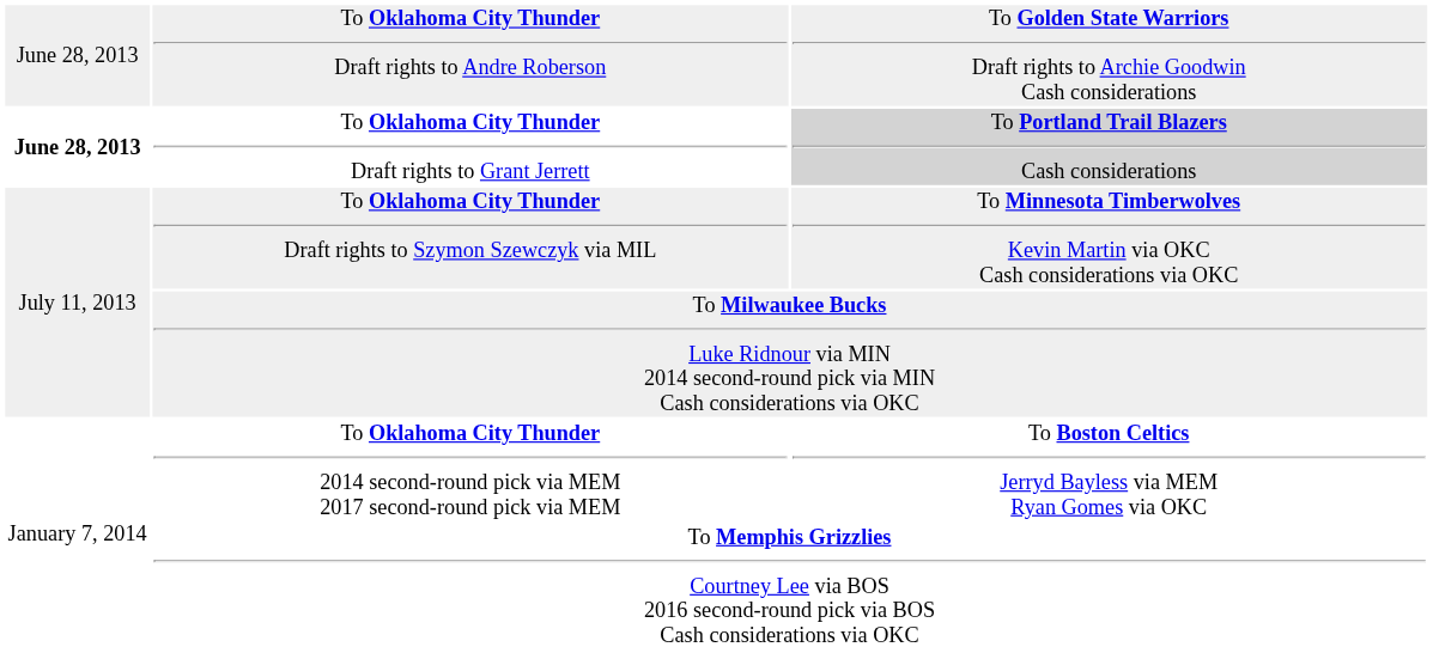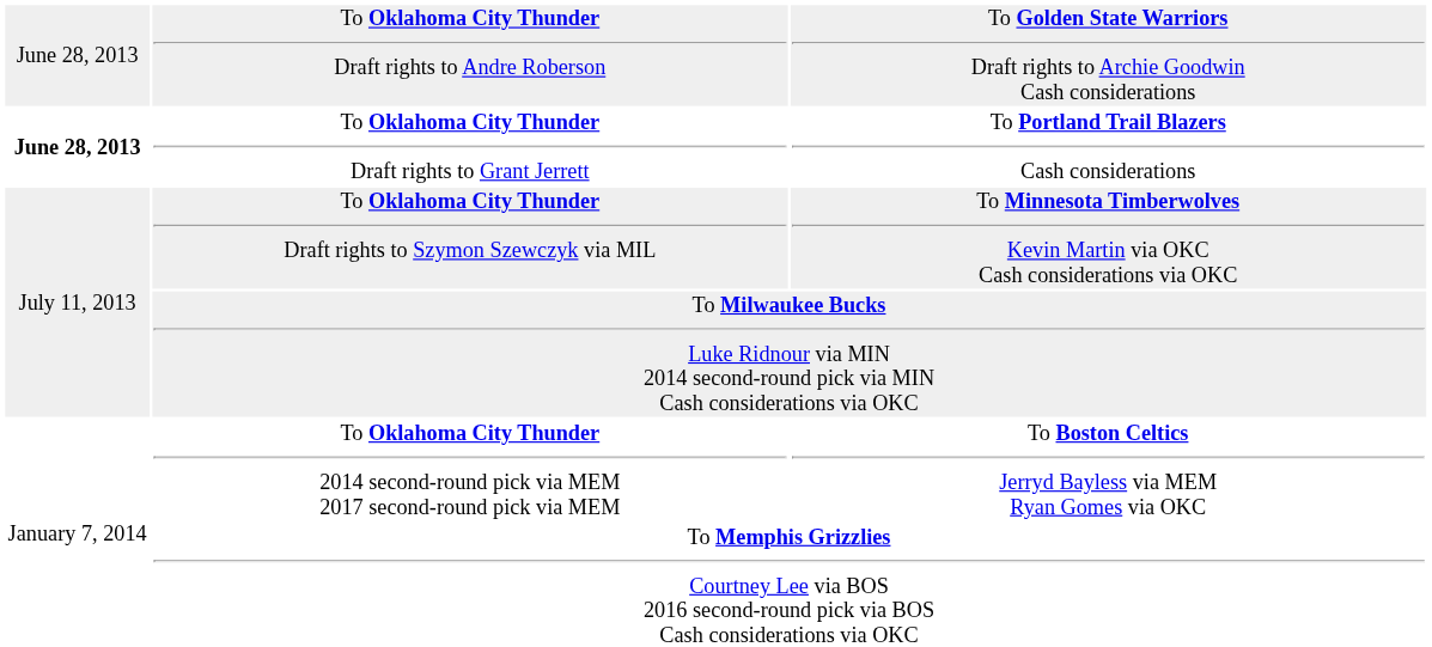 <table style="text-align: center">
 <tr style="background:#eeee">
 <td style="width:10%">June 28, 2013</td>
 <td style="width:31%; vertical-align:top;">To <strong><a href='#'>Oklahoma City Thunder</a></strong><hr>Draft rights to <a href='#'>Andre Roberson</a></td>
 <td style="width:31%; vertical-align:top;">To <strong><a href='#'>Golden State Warriors</a></strong><hr>Draft rights to <a href='#'>Archie Goodwin</a><br>Cash considerations</td>
 </tr>
 <tr>
 <td style="width:10%"><strong>June 28, 2013</strong></td>
 <td style="width:31%; vertical-align:top;">To <strong><a href='#'>Oklahoma City Thunder</a></strong><hr>Draft rights to <a href='#'>Grant Jerrett</a></td>
-<td style="background: lightgrey; width:31%; vertical-align:top;">To <strong><a href='#'>Portland Trail Blazers</a></strong><hr>Cash considerations</td>
+<td style="width:31%; vertical-align:top;">To <strong><a href='#'>Portland Trail Blazers</a></strong><hr>Cash considerations</td>
 </tr>
 <tr style="background:#eeee">
 <td style="width:10%" rowspan=2>July 11, 2013</td>
 <td style="width:44%; vertical-align:top;">To <strong><a href='#'>Oklahoma City Thunder</a></strong><hr>Draft rights to <a href='#'>Szymon Szewczyk</a> via MIL</td>
 <td style="width:44%; vertical-align:top;">To <strong><a href='#'>Minnesota Timberwolves</a></strong><hr><a href='#'>Kevin Martin</a> via OKC<br>Cash considerations via OKC</td>
 </tr>
 <tr style="background:#eeee">
 <td colspan="3">To <strong><a href='#'>Milwaukee Bucks</a></strong><hr><a href='#'>Luke Ridnour</a> via MIN<br>2014 second-round pick via MIN<br>Cash considerations via OKC</td>
 </tr>
 <tr>
 <td style="width:10%" rowspan=2>January 7, 2014</td>
 <td style="width:44%; vertical-align:top;">To <strong><a href='#'>Oklahoma City Thunder</a></strong><hr>2014 second-round pick via MEM<br>2017 second-round pick via MEM</td>
 <td style="width:44%; vertical-align:top;">To <strong><a href='#'>Boston Celtics</a></strong><hr><a href='#'>Jerryd Bayless</a> via MEM<br><a href='#'>Ryan Gomes</a> via OKC</td>
 </tr>
 <tr>
 <td colspan="3">To <strong><a href='#'>Memphis Grizzlies</a></strong><hr><a href='#'>Courtney Lee</a> via BOS<br>2016 second-round pick via BOS<br>Cash considerations via OKC</td>
 </tr>
 </table>
